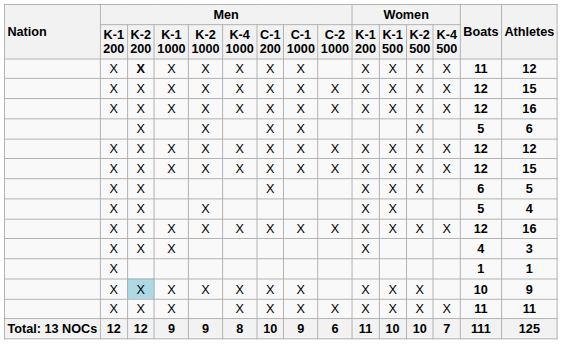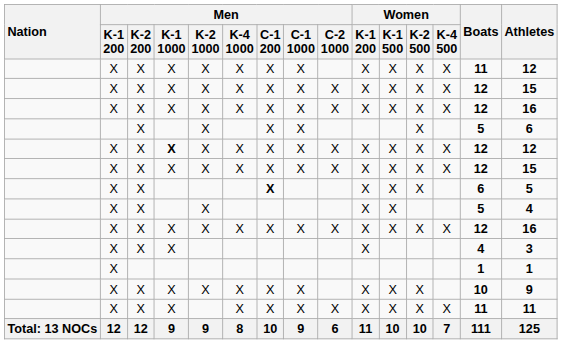 <table class="wikitable" style="text-align:center; font-size:90%">
 <tr>
 <th rowspan="2" style="text-align:left;">Nation</th>
 <th colspan="8">Men</th>
 <th colspan="4">Women</th>
 <th rowspan="2">Boats</th>
 <th rowspan=2>Athletes</th>
 </tr>
 <tr>
 <th>K-1 <br>200</th>
 <th>K-2 <br>200</th>
 <th>K-1 <br>1000</th>
 <th>K-2 <br>1000</th>
 <th>K-4 <br>1000</th>
 <th>C-1 <br>200</th>
 <th>C-1 <br>1000</th>
 <th>C-2 <br>1000</th>
 <th>K-1 <br>200</th>
 <th>K-1 <br>500</th>
 <th>K-2 <br>500</th>
 <th>K-4 <br>500</th>
 </tr>
 <tr>
 <td style="text-align:left;"></td>
 <td>X</td>
-<td><strong>X</strong></td>
+<td>X</td>
 <td>X</td>
 <td>X</td>
 <td>X</td>
 <td>X</td>
 <td>X</td>
 <td></td>
 <td>X</td>
 <td>X</td>
 <td>X</td>
 <td>X</td>
 <td><strong>11</strong></td>
 <td><strong>12</strong></td>
 </tr>
 <tr>
 <td style="text-align:left;"></td>
 <td>X</td>
 <td>X</td>
 <td>X</td>
 <td>X</td>
 <td>X</td>
 <td>X</td>
 <td>X</td>
 <td>X</td>
 <td>X</td>
 <td>X</td>
 <td>X</td>
 <td>X</td>
 <td><strong>12</strong></td>
 <td><strong>15</strong></td>
 </tr>
 <tr>
 <td style="text-align:left;"></td>
 <td>X</td>
 <td>X</td>
 <td>X</td>
 <td>X</td>
 <td>X</td>
 <td>X</td>
 <td>X</td>
 <td>X</td>
 <td>X</td>
 <td>X</td>
 <td>X</td>
 <td>X</td>
 <td><strong>12</strong></td>
 <td><strong>16</strong></td>
 </tr>
 <tr>
 <td style="text-align:left;"></td>
 <td></td>
 <td>X</td>
 <td></td>
 <td>X</td>
 <td></td>
 <td>X</td>
 <td>X</td>
 <td></td>
 <td></td>
 <td></td>
 <td>X</td>
 <td></td>
 <td><strong>5</strong></td>
 <td><strong>6</strong></td>
 </tr>
 <tr>
 <td style="text-align:left;"></td>
 <td>X</td>
 <td>X</td>
-<td>X</td>
+<td><strong>X</strong></td>
 <td>X</td>
 <td>X</td>
 <td>X</td>
 <td>X</td>
 <td>X</td>
 <td>X</td>
 <td>X</td>
 <td>X</td>
 <td>X</td>
 <td><strong>12</strong></td>
 <td><strong>12</strong></td>
 </tr>
 <tr>
 <td style="text-align:left;"></td>
 <td>X</td>
 <td>X</td>
 <td>X</td>
 <td>X</td>
 <td>X</td>
 <td>X</td>
 <td>X</td>
 <td>X</td>
 <td>X</td>
 <td>X</td>
 <td>X</td>
 <td>X</td>
 <td><strong>12</strong></td>
 <td><strong>15</strong></td>
 </tr>
 <tr>
 <td style="text-align:left;"></td>
 <td>X</td>
 <td>X</td>
 <td></td>
 <td></td>
 <td></td>
-<td>X</td>
+<td><strong>X</strong></td>
 <td></td>
 <td></td>
 <td>X</td>
 <td>X</td>
 <td>X</td>
 <td></td>
 <td><strong>6</strong></td>
 <td><strong>5</strong></td>
 </tr>
 <tr>
 <td style="text-align:left;"></td>
 <td>X</td>
 <td>X</td>
 <td></td>
 <td>X</td>
 <td></td>
 <td></td>
 <td></td>
 <td></td>
 <td>X</td>
 <td>X</td>
 <td></td>
 <td></td>
 <td><strong>5</strong></td>
 <td><strong>4</strong></td>
 </tr>
 <tr>
 <td style="text-align:left;"></td>
 <td>X</td>
 <td>X</td>
 <td>X</td>
 <td>X</td>
 <td>X</td>
 <td>X</td>
 <td>X</td>
 <td>X</td>
 <td>X</td>
 <td>X</td>
 <td>X</td>
 <td>X</td>
 <td><strong>12</strong></td>
 <td><strong>16</strong></td>
 </tr>
 <tr>
 <td style="text-align:left;"></td>
 <td>X</td>
 <td>X</td>
 <td>X</td>
 <td></td>
 <td></td>
 <td></td>
 <td></td>
 <td></td>
 <td>X</td>
 <td></td>
 <td></td>
 <td></td>
 <td><strong>4</strong></td>
 <td><strong>3</strong></td>
 </tr>
 <tr>
 <td style="text-align:left;"></td>
 <td>X</td>
 <td></td>
 <td></td>
 <td></td>
 <td></td>
 <td></td>
 <td></td>
 <td></td>
 <td></td>
 <td></td>
 <td></td>
 <td></td>
 <td><strong>1</strong></td>
 <td><strong>1</strong></td>
 </tr>
 <tr>
 <td style="text-align:left;"></td>
 <td>X</td>
-<td style="background: lightblue;">X</td>
+<td>X</td>
 <td>X</td>
 <td>X</td>
 <td>X</td>
 <td>X</td>
 <td>X</td>
 <td></td>
 <td>X</td>
 <td>X</td>
 <td>X</td>
 <td></td>
 <td><strong>10</strong></td>
 <td><strong>9</strong></td>
 </tr>
 <tr>
 <td style="text-align:left;"></td>
 <td>X</td>
 <td>X</td>
 <td>X</td>
 <td></td>
 <td>X</td>
 <td>X</td>
 <td>X</td>
 <td>X</td>
 <td>X</td>
 <td>X</td>
 <td>X</td>
 <td>X</td>
 <td><strong>11</strong></td>
 <td><strong>11</strong></td>
 </tr>
 <tr class="sortbottom">
 <th>Total: 13 NOCs</th>
 <th>12</th>
 <th>12</th>
 <th>9</th>
 <th>9</th>
 <th>8</th>
 <th>10</th>
 <th>9</th>
 <th>6</th>
 <th>11</th>
 <th>10</th>
 <th>10</th>
 <th>7</th>
 <th>111</th>
 <th>125</th>
 </tr>
 </table>
